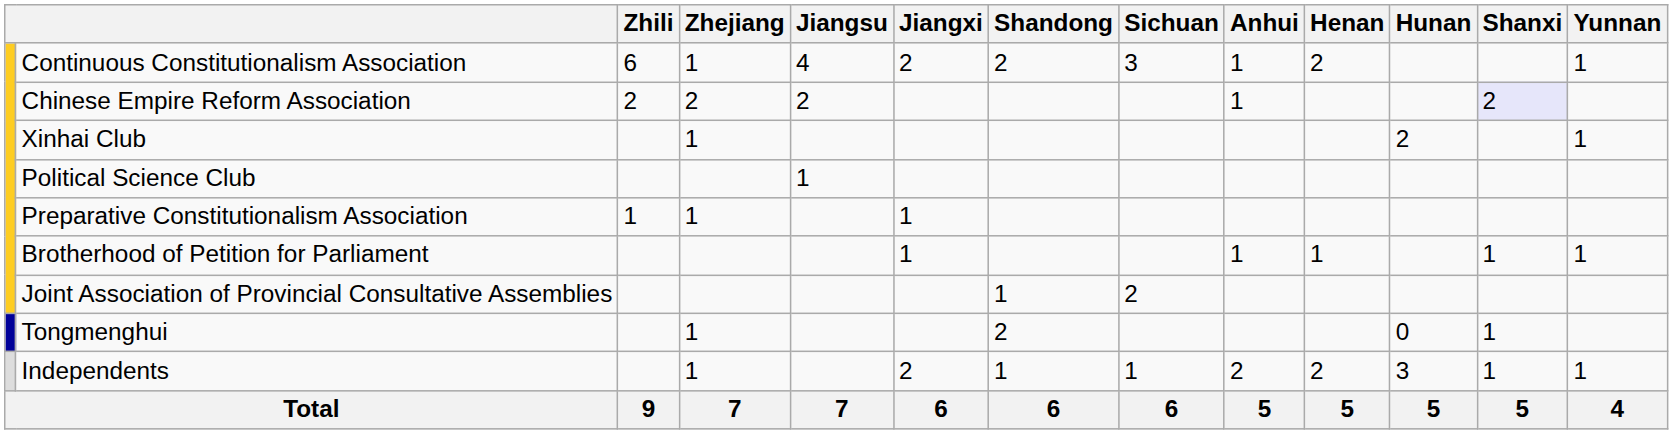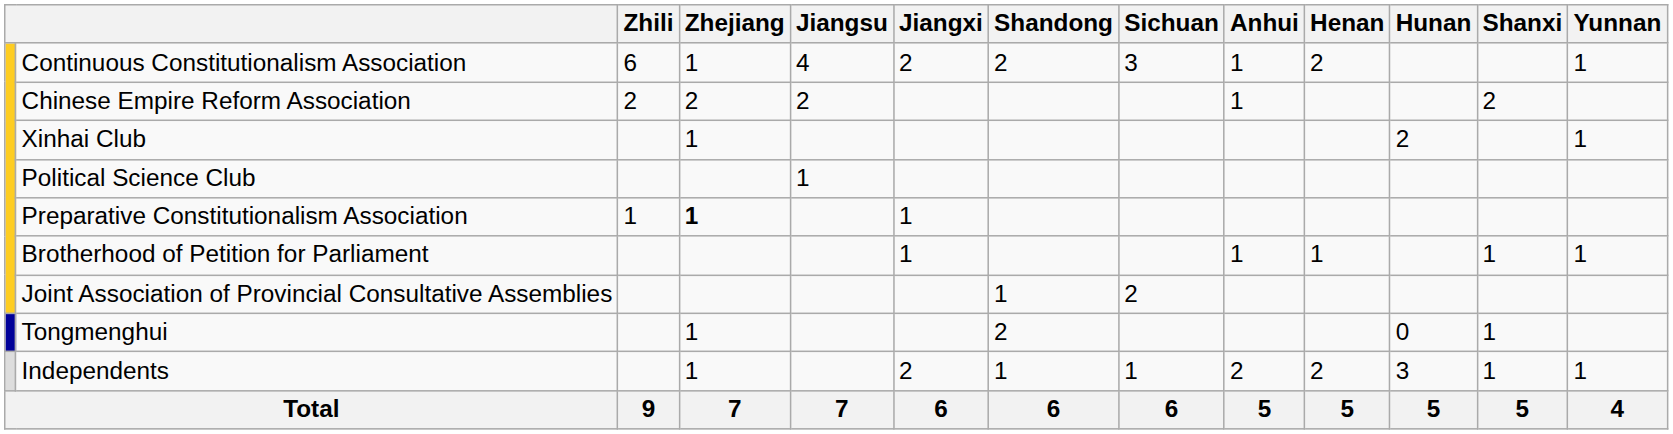 <table class="wikitable">
 <tr>
 <th colspan="2"></th>
 <th>Zhili</th>
 <th>Zhejiang</th>
 <th>Jiangsu</th>
 <th>Jiangxi</th>
 <th>Shandong</th>
 <th>Sichuan</th>
 <th>Anhui</th>
 <th>Henan</th>
 <th>Hunan</th>
 <th>Shanxi</th>
 <th>Yunnan</th>
 </tr>
 <tr>
 <td rowspan="7" bgcolor=#FECD21></td>
 <td>Continuous Constitutionalism Association</td>
 <td>6</td>
 <td>1</td>
 <td>4</td>
 <td>2</td>
 <td>2</td>
 <td>3</td>
 <td>1</td>
 <td>2</td>
 <td></td>
 <td></td>
 <td>1</td>
 </tr>
 <tr>
 <td>Chinese Empire Reform Association</td>
 <td>2</td>
 <td>2</td>
 <td>2</td>
 <td></td>
 <td></td>
 <td></td>
 <td>1</td>
 <td></td>
 <td></td>
-<td style="background: lavender;">2</td>
+<td>2</td>
 <td></td>
 </tr>
 <tr>
 <td>Xinhai Club</td>
 <td></td>
 <td>1</td>
 <td></td>
 <td></td>
 <td></td>
 <td></td>
 <td></td>
 <td></td>
 <td>2</td>
 <td></td>
 <td>1</td>
 </tr>
 <tr>
 <td>Political Science Club</td>
 <td></td>
 <td></td>
 <td>1</td>
 <td></td>
 <td></td>
 <td></td>
 <td></td>
 <td></td>
 <td></td>
 <td></td>
 <td></td>
 </tr>
 <tr>
 <td>Preparative Constitutionalism Association</td>
 <td>1</td>
-<td>1</td>
+<td><strong>1</strong></td>
 <td></td>
 <td>1</td>
 <td></td>
 <td></td>
 <td></td>
 <td></td>
 <td></td>
 <td></td>
 <td></td>
 </tr>
 <tr>
 <td>Brotherhood of Petition for Parliament</td>
 <td></td>
 <td></td>
 <td></td>
 <td>1</td>
 <td></td>
 <td></td>
 <td>1</td>
 <td>1</td>
 <td></td>
 <td>1</td>
 <td>1</td>
 </tr>
 <tr>
 <td>Joint Association of Provincial Consultative Assemblies</td>
 <td></td>
 <td></td>
 <td></td>
 <td></td>
 <td>1</td>
 <td>2</td>
 <td></td>
 <td></td>
 <td></td>
 <td></td>
 <td></td>
 </tr>
 <tr>
 <td bgcolor=#000099></td>
 <td>Tongmenghui</td>
 <td></td>
 <td>1</td>
 <td></td>
 <td></td>
 <td>2</td>
 <td></td>
 <td></td>
 <td></td>
 <td>0</td>
 <td>1</td>
 <td></td>
 </tr>
 <tr>
 <td bgcolor=#DDDDDD></td>
 <td>Independents</td>
 <td></td>
 <td>1</td>
 <td></td>
 <td>2</td>
 <td>1</td>
 <td>1</td>
 <td>2</td>
 <td>2</td>
 <td>3</td>
 <td>1</td>
 <td>1</td>
 </tr>
 <tr>
 <th colspan="2">Total</th>
 <th>9</th>
 <th>7</th>
 <th>7</th>
 <th>6</th>
 <th>6</th>
 <th>6</th>
 <th>5</th>
 <th>5</th>
 <th>5</th>
 <th>5</th>
 <th>4</th>
 </tr>
 </table>
